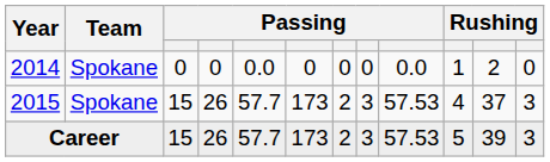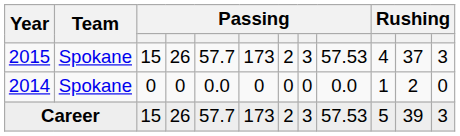 <table class="wikitable sortable" style="text-align:center">
 <tr>
 <th rowspan=2>Year</th>
 <th rowspan=2>Team</th>
 <th colspan=7>Passing</th>
 <th colspan=3>Rushing</th>
 </tr>
 <tr>
 <th></th>
 <th></th>
 <th></th>
 <th></th>
 <th></th>
 <th></th>
 <th></th>
 <th></th>
 <th></th>
 <th></th>
 </tr>
 <tr>
+<td><a href='#'>2015</a></td>
+<td><a href='#'>Spokane</a></td>
+<td>15</td>
+<td>26</td>
+<td>57.7</td>
+<td>173</td>
+<td>2</td>
+<td>3</td>
+<td>57.53</td>
+<td>4</td>
+<td>37</td>
+<td>3</td>
+</tr>
+<tr>
 <td><a href='#'>2014</a></td>
 <td><a href='#'>Spokane</a></td>
 <td>0</td>
 <td>0</td>
 <td>0.0</td>
 <td>0</td>
 <td>0</td>
 <td>0</td>
 <td>0.0</td>
 <td>1</td>
 <td>2</td>
 <td>0</td>
-</tr>
-<tr>
-<td><a href='#'>2015</a></td>
-<td><a href='#'>Spokane</a></td>
-<td>15</td>
-<td>26</td>
-<td>57.7</td>
-<td>173</td>
-<td>2</td>
-<td>3</td>
-<td>57.53</td>
-<td>4</td>
-<td>37</td>
-<td>3</td>
 </tr>
 <tr class="sortbottom" style="background:#eee;">
 <td colspan=2><strong>Career</strong></td>
 <td>15</td>
 <td>26</td>
 <td>57.7</td>
 <td>173</td>
 <td>2</td>
 <td>3</td>
 <td>57.53</td>
 <td>5</td>
 <td>39</td>
 <td>3</td>
 </tr>
 </table>
